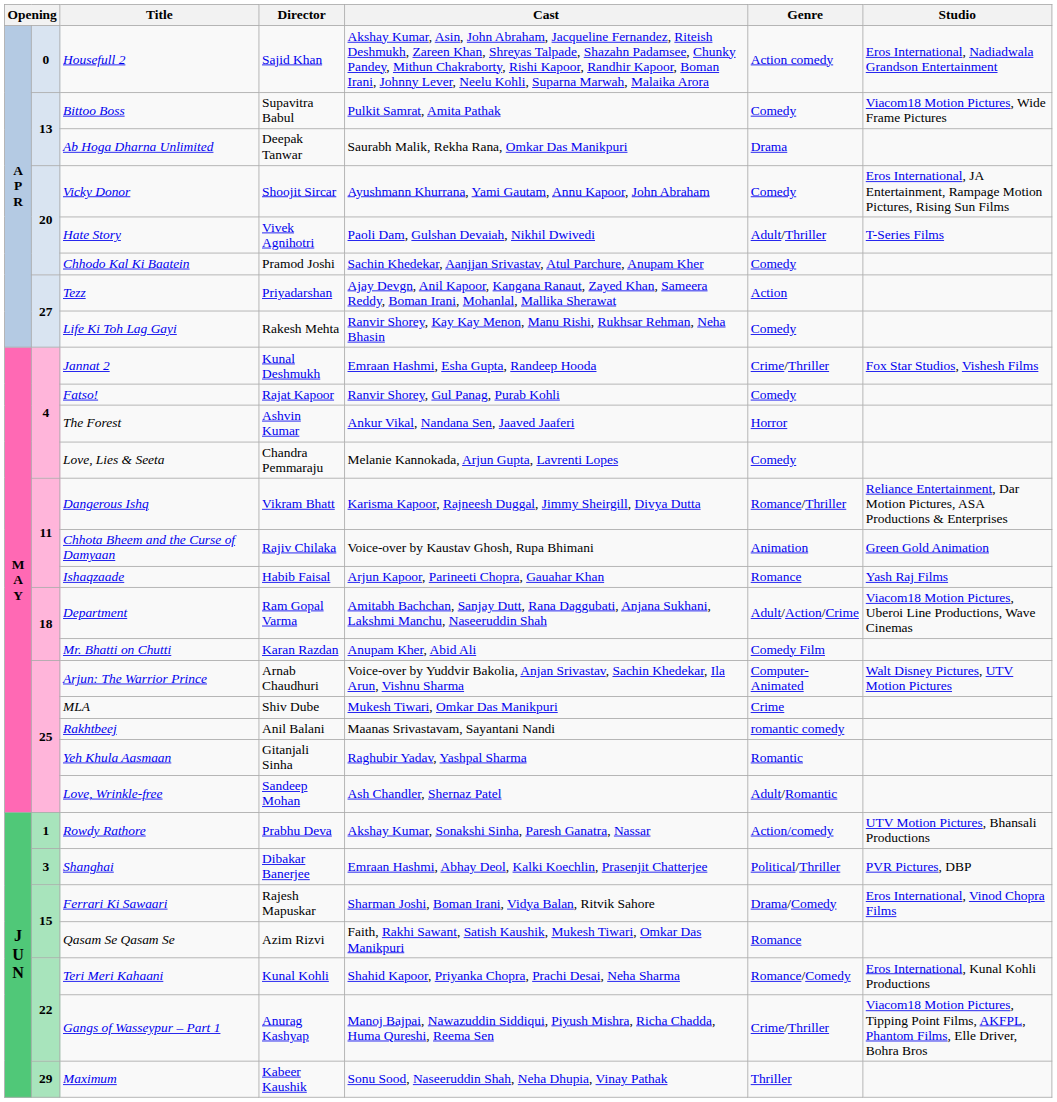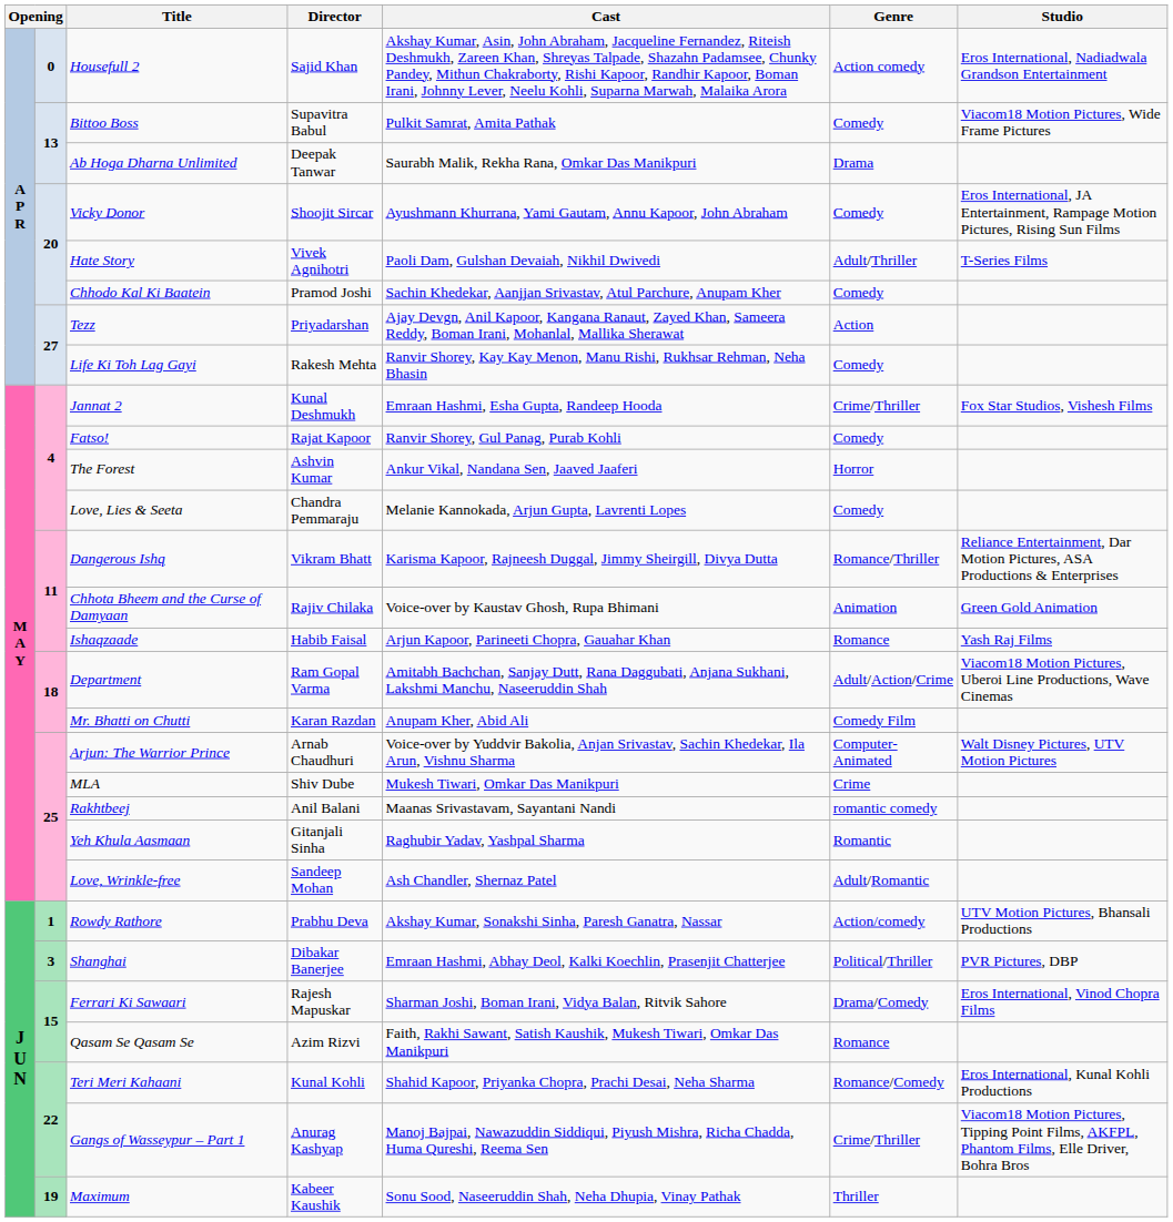 <table class="wikitable sortable">
 <tr style="background:#b0e0e66; text-align:center;">
 <th colspan="2">Opening</th>
 <th style="width:19%;">Title</th>
 <th>Director</th>
 <th>Cast</th>
 <th>Genre</th>
 <th>Studio</th>
 </tr>
 <tr>
 <td rowspan="8" style="text-align:center; background:#b4cae3;"><strong>A<br>P<br>R</strong></td>
 <td style="text-align:center; background:#d9e4f1; textcolor:#000;"><strong>0</strong></td>
 <td><em><a href='#'>Housefull 2</a></em></td>
 <td><a href='#'>Sajid Khan</a></td>
 <td><a href='#'>Akshay Kumar</a>, <a href='#'>Asin</a>, <a href='#'>John Abraham</a>, <a href='#'>Jacqueline Fernandez</a>, <a href='#'>Riteish Deshmukh</a>, <a href='#'>Zareen Khan</a>, <a href='#'>Shreyas Talpade</a>, <a href='#'>Shazahn Padamsee</a>, <a href='#'>Chunky Pandey</a>, <a href='#'>Mithun Chakraborty</a>, <a href='#'>Rishi Kapoor</a>, <a href='#'>Randhir Kapoor</a>, <a href='#'>Boman Irani</a>, <a href='#'>Johnny Lever</a>, <a href='#'>Neelu Kohli</a>, <a href='#'>Suparna Marwah</a>, <a href='#'>Malaika Arora</a></td>
 <td><a href='#'>Action comedy</a></td>
 <td><a href='#'>Eros International</a>, <a href='#'>Nadiadwala Grandson Entertainment</a></td>
 </tr>
 <tr>
 <td rowspan="2" style="text-align:center; background:#d9e4f1;"><strong>13</strong></td>
 <td><em><a href='#'>Bittoo Boss</a></em></td>
 <td>Supavitra Babul</td>
 <td><a href='#'>Pulkit Samrat</a>, <a href='#'>Amita Pathak</a></td>
 <td><a href='#'>Comedy</a></td>
 <td><a href='#'>Viacom18 Motion Pictures</a>, Wide Frame Pictures</td>
 </tr>
 <tr>
 <td><em><a href='#'>Ab Hoga Dharna Unlimited</a></em></td>
 <td>Deepak Tanwar</td>
 <td>Saurabh Malik, Rekha Rana, <a href='#'>Omkar Das Manikpuri</a></td>
 <td><a href='#'>Drama</a></td>
 <td></td>
 </tr>
 <tr>
 <td rowspan="3" style="text-align:center; background:#d9e4f1;"><strong>20</strong></td>
 <td><em><a href='#'>Vicky Donor</a></em></td>
 <td><a href='#'>Shoojit Sircar</a></td>
 <td><a href='#'>Ayushmann Khurrana</a>, <a href='#'>Yami Gautam</a>, <a href='#'>Annu Kapoor</a>, <a href='#'>John Abraham</a></td>
 <td><a href='#'>Comedy</a></td>
 <td><a href='#'>Eros International</a>, JA Entertainment, Rampage Motion Pictures, Rising Sun Films</td>
 </tr>
 <tr>
 <td><em><a href='#'>Hate Story</a></em></td>
 <td><a href='#'>Vivek Agnihotri</a></td>
 <td><a href='#'>Paoli Dam</a>, <a href='#'>Gulshan Devaiah</a>, <a href='#'>Nikhil Dwivedi</a></td>
 <td><a href='#'>Adult</a>/<a href='#'>Thriller</a></td>
 <td><a href='#'>T-Series Films</a></td>
 </tr>
 <tr>
 <td><em><a href='#'>Chhodo Kal Ki Baatein</a></em></td>
 <td>Pramod Joshi</td>
 <td><a href='#'>Sachin Khedekar</a>, <a href='#'>Aanjjan Srivastav</a>, <a href='#'>Atul Parchure</a>, <a href='#'>Anupam Kher</a></td>
 <td><a href='#'>Comedy</a></td>
 <td></td>
 </tr>
 <tr>
 <td rowspan="2" style="text-align:center; background:#d9e4f1;"><strong>27</strong></td>
 <td><em><a href='#'>Tezz</a></em></td>
 <td><a href='#'>Priyadarshan</a></td>
 <td><a href='#'>Ajay Devgn</a>, <a href='#'>Anil Kapoor</a>, <a href='#'>Kangana Ranaut</a>, <a href='#'>Zayed Khan</a>, <a href='#'>Sameera Reddy</a>, <a href='#'>Boman Irani</a>, <a href='#'>Mohanlal</a>, <a href='#'>Mallika Sherawat</a></td>
 <td><a href='#'>Action</a></td>
 <td></td>
 </tr>
 <tr>
 <td><em><a href='#'>Life Ki Toh Lag Gayi</a></em></td>
 <td>Rakesh Mehta</td>
 <td><a href='#'>Ranvir Shorey</a>, <a href='#'>Kay Kay Menon</a>, <a href='#'>Manu Rishi</a>, <a href='#'>Rukhsar Rehman</a>, <a href='#'>Neha Bhasin</a></td>
 <td><a href='#'>Comedy</a></td>
 <td></td>
 </tr>
 <tr>
 <td rowspan="14" style="text-align:center; background:hotPink;"><strong>M<br>A<br>Y</strong></td>
 <td rowspan="4" style="text-align:center; background:#ffb5da;"><strong>4</strong></td>
 <td><em><a href='#'>Jannat 2</a></em></td>
 <td><a href='#'>Kunal Deshmukh</a></td>
 <td><a href='#'>Emraan Hashmi</a>, <a href='#'>Esha Gupta</a>, <a href='#'>Randeep Hooda</a></td>
 <td><a href='#'>Crime</a>/<a href='#'>Thriller</a></td>
 <td><a href='#'>Fox Star Studios</a>, <a href='#'>Vishesh Films</a></td>
 </tr>
 <tr>
 <td><em><a href='#'>Fatso!</a></em></td>
 <td><a href='#'>Rajat Kapoor</a></td>
 <td><a href='#'>Ranvir Shorey</a>, <a href='#'>Gul Panag</a>, <a href='#'>Purab Kohli</a></td>
 <td><a href='#'>Comedy</a></td>
 <td></td>
 </tr>
 <tr>
 <td><em>The Forest</em></td>
 <td><a href='#'>Ashvin Kumar</a></td>
 <td><a href='#'>Ankur Vikal</a>, <a href='#'>Nandana Sen</a>, <a href='#'>Jaaved Jaaferi</a></td>
 <td><a href='#'>Horror</a></td>
 <td></td>
 </tr>
 <tr>
 <td><em>Love, Lies & Seeta</em></td>
 <td>Chandra Pemmaraju</td>
 <td>Melanie Kannokada, <a href='#'>Arjun Gupta</a>, <a href='#'>Lavrenti Lopes</a></td>
 <td><a href='#'>Comedy</a></td>
 <td></td>
 </tr>
 <tr>
 <td rowspan="3" style="text-align:center; background:#ffb5da;"><strong>11</strong></td>
 <td><em><a href='#'>Dangerous Ishq</a></em></td>
 <td><a href='#'>Vikram Bhatt</a></td>
 <td><a href='#'>Karisma Kapoor</a>, <a href='#'>Rajneesh Duggal</a>, <a href='#'>Jimmy Sheirgill</a>, <a href='#'>Divya Dutta</a></td>
 <td><a href='#'>Romance</a>/<a href='#'>Thriller</a></td>
 <td><a href='#'>Reliance Entertainment</a>, Dar Motion Pictures, ASA Productions & Enterprises</td>
 </tr>
 <tr>
 <td><em><a href='#'>Chhota Bheem and the Curse of Damyaan</a></em></td>
 <td><a href='#'>Rajiv Chilaka</a></td>
 <td>Voice-over by Kaustav Ghosh, Rupa Bhimani</td>
 <td><a href='#'>Animation</a></td>
 <td><a href='#'>Green Gold Animation</a></td>
 </tr>
 <tr>
 <td><em><a href='#'>Ishaqzaade</a></em></td>
 <td><a href='#'>Habib Faisal</a></td>
 <td><a href='#'>Arjun Kapoor</a>, <a href='#'>Parineeti Chopra</a>, <a href='#'>Gauahar Khan</a></td>
 <td><a href='#'>Romance</a></td>
 <td><a href='#'>Yash Raj Films</a></td>
 </tr>
 <tr>
 <td rowspan="2" style="text-align:center; textcolor:#000; background:#ffb5da;"><strong>18</strong></td>
 <td><em><a href='#'>Department</a></em></td>
 <td><a href='#'>Ram Gopal Varma</a></td>
 <td><a href='#'>Amitabh Bachchan</a>, <a href='#'>Sanjay Dutt</a>, <a href='#'>Rana Daggubati</a>, <a href='#'>Anjana Sukhani</a>, <a href='#'>Lakshmi Manchu</a>, <a href='#'>Naseeruddin Shah</a></td>
 <td><a href='#'>Adult</a>/<a href='#'>Action</a>/<a href='#'>Crime</a></td>
 <td><a href='#'>Viacom18 Motion Pictures</a>, Uberoi Line Productions, Wave Cinemas</td>
 </tr>
 <tr>
 <td><em><a href='#'>Mr. Bhatti on Chutti</a></em></td>
 <td><a href='#'>Karan Razdan</a></td>
 <td><a href='#'>Anupam Kher</a>, <a href='#'>Abid Ali</a></td>
 <td><a href='#'>Comedy Film</a></td>
 <td></td>
 </tr>
 <tr>
 <td rowspan="5" style="text-align:center; textcolor:#000; background: #ffb5da;"><strong>25</strong></td>
 <td><em><a href='#'>Arjun: The Warrior Prince</a></em></td>
 <td>Arnab Chaudhuri</td>
 <td>Voice-over by Yuddvir Bakolia, <a href='#'>Anjan Srivastav</a>, <a href='#'>Sachin Khedekar</a>, <a href='#'>Ila Arun</a>, <a href='#'>Vishnu Sharma</a></td>
 <td><a href='#'>Computer-Animated</a></td>
 <td><a href='#'>Walt Disney Pictures</a>, <a href='#'>UTV Motion Pictures</a></td>
 </tr>
 <tr>
 <td><em>MLA</em></td>
 <td>Shiv Dube</td>
 <td><a href='#'>Mukesh Tiwari</a>, <a href='#'>Omkar Das Manikpuri</a></td>
 <td><a href='#'>Crime</a></td>
 <td></td>
 </tr>
 <tr>
 <td><em><a href='#'>Rakhtbeej</a></em></td>
 <td>Anil Balani</td>
 <td>Maanas Srivastavam, Sayantani Nandi</td>
 <td><a href='#'>romantic comedy</a></td>
 <td></td>
 </tr>
 <tr>
 <td><em><a href='#'>Yeh Khula Aasmaan</a></em></td>
 <td>Gitanjali Sinha</td>
 <td><a href='#'>Raghubir Yadav</a>, <a href='#'>Yashpal Sharma</a></td>
 <td><a href='#'>Romantic</a></td>
 <td></td>
 </tr>
 <tr>
 <td><em><a href='#'>Love, Wrinkle-free</a></em></td>
 <td><a href='#'>Sandeep Mohan</a></td>
 <td><a href='#'>Ash Chandler</a>, <a href='#'>Shernaz Patel</a></td>
 <td><a href='#'>Adult</a>/<a href='#'>Romantic</a></td>
 <td></td>
 </tr>
 <tr>
 <td rowspan="7" style="text-align:center; textcolor:#000; background:#50c878;"><big><strong>J<br>U<br>N</strong></big></td>
 <td style="text-align:center; textcolor:#000; background:#a8e4bc;"><strong>1</strong></td>
 <td><em><a href='#'>Rowdy Rathore</a></em></td>
 <td><a href='#'>Prabhu Deva</a></td>
 <td><a href='#'>Akshay Kumar</a>, <a href='#'>Sonakshi Sinha</a>, <a href='#'>Paresh Ganatra</a>, <a href='#'>Nassar</a></td>
 <td><a href='#'>Action/comedy</a></td>
 <td><a href='#'>UTV Motion Pictures</a>, Bhansali Productions</td>
 </tr>
 <tr>
 <td style="text-align:center; textcolor:#000; background:#a8e4bc;"><strong>3</strong></td>
 <td><em><a href='#'>Shanghai</a></em></td>
 <td><a href='#'>Dibakar Banerjee</a></td>
 <td><a href='#'>Emraan Hashmi</a>, <a href='#'>Abhay Deol</a>, <a href='#'>Kalki Koechlin</a>, <a href='#'>Prasenjit Chatterjee</a></td>
 <td><a href='#'>Political</a>/<a href='#'>Thriller</a></td>
 <td><a href='#'>PVR Pictures</a>, DBP</td>
 </tr>
 <tr>
 <td rowspan="2" style="text-align:center; textcolor:#000; background:#a8e4bc;"><strong>15</strong></td>
 <td><em><a href='#'>Ferrari Ki Sawaari</a></em></td>
 <td>Rajesh Mapuskar</td>
 <td><a href='#'>Sharman Joshi</a>, <a href='#'>Boman Irani</a>, <a href='#'>Vidya Balan</a>, Ritvik Sahore</td>
 <td><a href='#'>Drama</a>/<a href='#'>Comedy</a></td>
 <td><a href='#'>Eros International</a>, <a href='#'>Vinod Chopra Films</a></td>
 </tr>
 <tr>
 <td><em>Qasam Se Qasam Se</em></td>
 <td>Azim Rizvi</td>
 <td>Faith, <a href='#'>Rakhi Sawant</a>, <a href='#'>Satish Kaushik</a>, <a href='#'>Mukesh Tiwari</a>, <a href='#'>Omkar Das Manikpuri</a></td>
 <td><a href='#'>Romance</a></td>
 <td></td>
 </tr>
 <tr>
 <td rowspan="2" style="text-align:center; textcolor:#000; background:#a8e4bc;"><strong>22</strong></td>
 <td><em><a href='#'>Teri Meri Kahaani</a></em></td>
 <td><a href='#'>Kunal Kohli</a></td>
 <td><a href='#'>Shahid Kapoor</a>, <a href='#'>Priyanka Chopra</a>, <a href='#'>Prachi Desai</a>, <a href='#'>Neha Sharma</a></td>
 <td><a href='#'>Romance</a>/<a href='#'>Comedy</a></td>
 <td><a href='#'>Eros International</a>, Kunal Kohli Productions</td>
 </tr>
 <tr>
 <td><em><a href='#'>Gangs of Wasseypur – Part 1</a></em></td>
 <td><a href='#'>Anurag Kashyap</a></td>
 <td><a href='#'>Manoj Bajpai</a>, <a href='#'>Nawazuddin Siddiqui</a>, <a href='#'>Piyush Mishra</a>, <a href='#'>Richa Chadda</a>, <a href='#'>Huma Qureshi</a>, <a href='#'>Reema Sen</a></td>
 <td><a href='#'>Crime</a>/<a href='#'>Thriller</a></td>
 <td><a href='#'>Viacom18 Motion Pictures</a>, Tipping Point Films, <a href='#'>AKFPL</a>, <a href='#'>Phantom Films</a>, Elle Driver, Bohra Bros</td>
 </tr>
 <tr>
-<td style="text-align:center; textcolor:#000; background:#a8e4bc;"><strong>29</strong></td>
+<td style="text-align:center; textcolor:#000; background:#a8e4bc;"><strong>19</strong></td>
 <td><em><a href='#'>Maximum</a></em></td>
 <td><a href='#'>Kabeer Kaushik</a></td>
 <td><a href='#'>Sonu Sood</a>, <a href='#'>Naseeruddin Shah</a>, <a href='#'>Neha Dhupia</a>, <a href='#'>Vinay Pathak</a></td>
 <td><a href='#'>Thriller</a></td>
 <td></td>
 </tr>
 </table>
